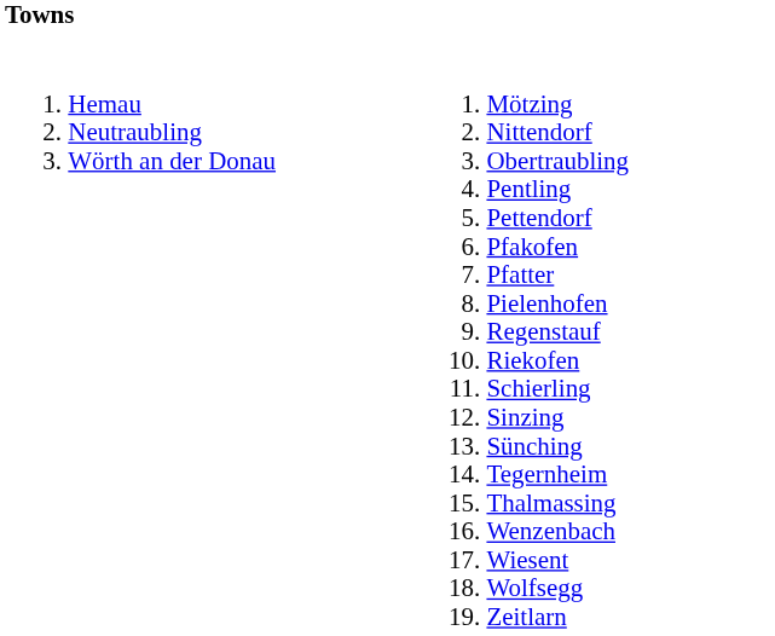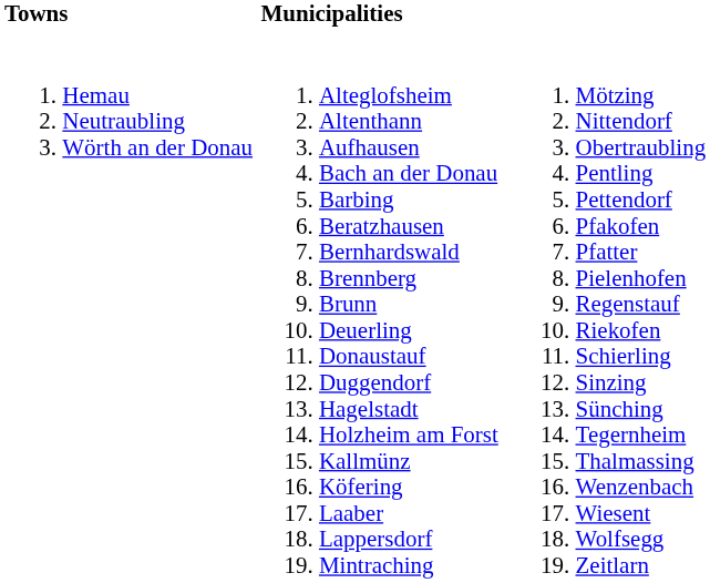 <table>
 <tr>
 <th align=left width=33%>Towns</th>
+<th align=left width=33%>Municipalities</th>
 <th align=left width=33%></th>
 </tr>
 <tr valign=top>
 <td><br><ol><li><a href='#'>Hemau</a></li><li><a href='#'>Neutraubling</a></li><li><a href='#'>Wörth an der Donau</a></li></ol></td>
+<td><br><ol><li><a href='#'>Alteglofsheim</a></li><li><a href='#'>Altenthann</a></li><li><a href='#'>Aufhausen</a></li><li><a href='#'>Bach an der Donau</a></li><li><a href='#'>Barbing</a></li><li><a href='#'>Beratzhausen</a></li><li><a href='#'>Bernhardswald</a></li><li><a href='#'>Brennberg</a></li><li><a href='#'>Brunn</a></li><li><a href='#'>Deuerling</a></li><li><a href='#'>Donaustauf</a></li><li><a href='#'>Duggendorf</a></li><li><a href='#'>Hagelstadt</a></li><li><a href='#'>Holzheim am Forst</a></li><li><a href='#'>Kallmünz</a></li><li><a href='#'>Köfering</a></li><li><a href='#'>Laaber</a></li><li><a href='#'>Lappersdorf</a></li><li><a href='#'>Mintraching</a></li></ol></td>
 <td><br><ol> <li><a href='#'>Mötzing</a> <li><a href='#'>Nittendorf</a> <li><a href='#'>Obertraubling</a> <li><a href='#'>Pentling</a> <li><a href='#'>Pettendorf</a> <li><a href='#'>Pfakofen</a> <li><a href='#'>Pfatter</a> <li><a href='#'>Pielenhofen</a> <li><a href='#'>Regenstauf</a> <li><a href='#'>Riekofen</a> <li><a href='#'>Schierling</a> <li><a href='#'>Sinzing</a> <li><a href='#'>Sünching</a> <li><a href='#'>Tegernheim</a> <li><a href='#'>Thalmassing</a> <li><a href='#'>Wenzenbach</a> <li><a href='#'>Wiesent</a> <li><a href='#'>Wolfsegg</a> <li><a href='#'>Zeitlarn</a> </ol></td>
 </tr>
 </table>
